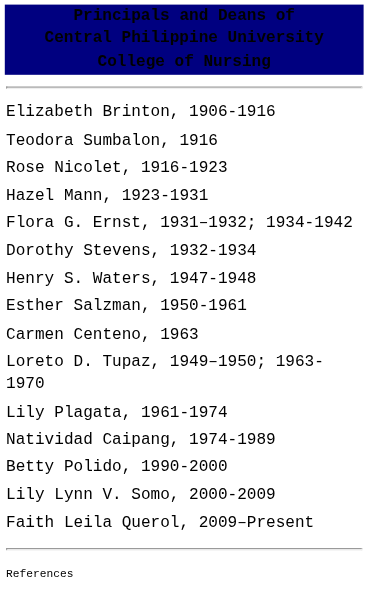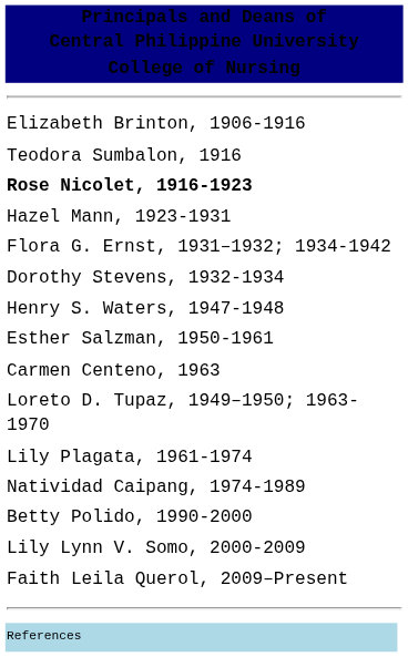 <table class="toccolours" style="float:right; margin-left:1em; font-size:95%; line-height:1.4em; width:280px;">
 <tr>
 <th colspan="2" style="text-align:center; background:navy;"><span><strong>Principals and Deans of<br>Central Philippine University<br> College of Nursing</strong></span></th>
 </tr>
 <tr>
 <td colspan="2"><hr></td>
 </tr>
 <tr>
 <td>Elizabeth Brinton, 1906-1916</td>
 </tr>
 <tr>
 <td>Teodora Sumbalon, 1916</td>
 </tr>
 <tr>
-<td>Rose Nicolet, 1916-1923</td>
+<td><strong>Rose Nicolet, 1916-1923</strong></td>
 </tr>
 <tr>
 <td>Hazel Mann, 1923-1931</td>
 </tr>
 <tr>
 <td>Flora G. Ernst, 1931–1932; 1934-1942</td>
 </tr>
 <tr>
 <td>Dorothy Stevens, 1932-1934</td>
 </tr>
 <tr>
 <td>Henry S. Waters, 1947-1948</td>
 </tr>
 <tr>
 <td>Esther Salzman, 1950-1961</td>
 </tr>
 <tr>
 <td>Carmen Centeno, 1963</td>
 </tr>
 <tr>
 <td>Loreto D. Tupaz, 1949–1950; 1963-1970</td>
 </tr>
 <tr>
 <td>Lily Plagata, 1961-1974</td>
 </tr>
 <tr>
 <td>Natividad Caipang, 1974-1989</td>
 </tr>
 <tr>
 <td>Betty Polido, 1990-2000</td>
 </tr>
 <tr>
 <td>Lily Lynn V. Somo, 2000-2009</td>
 </tr>
 <tr>
 <td>Faith Leila Querol, 2009–Present</td>
 </tr>
 <tr>
 <td colspan="2"><hr></td>
 </tr>
 <tr>
-<td style="font-size:70%">References</td>
+<td style="background: lightblue; font-size:70%">References</td>
 <td></td>
 </tr>
 </table>
